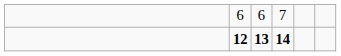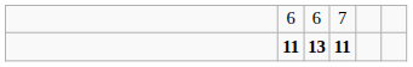 <table class="wikitable">
 <tr>
 <td style="width:15em"></td>
 <td align=center style="width:1em">6</td>
 <td align=center style="width:1em">6</td>
 <td align=center style="width:1em">7</td>
 <td align=center style="width:1em"></td>
 <td align=center style="width:1em"></td>
 </tr>
 <tr>
 <td style="width:15em"></td>
-<td align=center style="width:1em"><strong>12</strong></td>
+<td align=center style="width:1em"><strong>11</strong></td>
 <td align=center style="width:1em"><strong>13</strong></td>
-<td align=center style="width:1em"><strong>14</strong></td>
+<td align=center style="width:1em"><strong>11</strong></td>
 <td align=center style="width:1em"></td>
 <td align=center style="width:1em"></td>
 </tr>
 </table>
